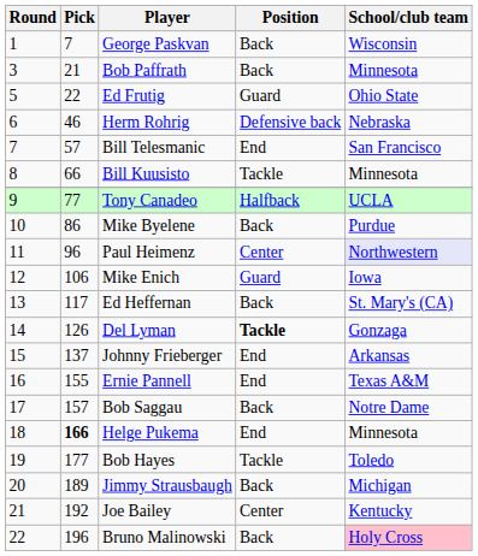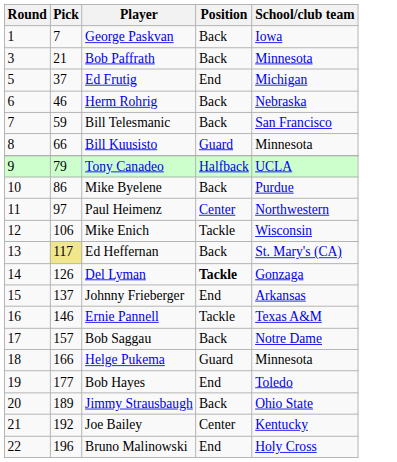 <table class="wikitable sortable sortable">
 <tr>
 <th>Round</th>
 <th>Pick</th>
 <th>Player</th>
 <th>Position</th>
 <th>School/club team</th>
 </tr>
 <tr>
 <td>1</td>
 <td>7</td>
 <td><a href='#'>George Paskvan</a></td>
 <td>Back</td>
-<td><a href='#'>Wisconsin</a></td>
+<td><a href='#'>Iowa</a></td>
 </tr>
 <tr>
 <td>3</td>
 <td>21</td>
 <td><a href='#'>Bob Paffrath</a></td>
 <td>Back</td>
 <td><a href='#'>Minnesota</a></td>
 </tr>
 <tr>
 <td>5</td>
-<td>22</td>
+<td>37</td>
 <td><a href='#'>Ed Frutig</a></td>
-<td>Guard</td>
-<td><a href='#'>Ohio State</a></td>
+<td>End</td>
+<td><a href='#'>Michigan</a></td>
 </tr>
 <tr>
 <td>6</td>
 <td>46</td>
 <td><a href='#'>Herm Rohrig</a></td>
-<td><a href='#'>Defensive back</a></td>
+<td>Back</td>
 <td><a href='#'>Nebraska</a></td>
 </tr>
 <tr>
 <td>7</td>
-<td>57</td>
+<td>59</td>
 <td>Bill Telesmanic</td>
-<td>End</td>
+<td>Back</td>
 <td><a href='#'>San Francisco</a></td>
 </tr>
 <tr>
 <td>8</td>
 <td>66</td>
 <td><a href='#'>Bill Kuusisto</a></td>
-<td>Tackle</td>
+<td><a href='#'>Guard</a></td>
 <td>Minnesota</td>
 </tr>
 <tr>
 </tr>
 <tr bgcolor="#CCFFCC">
 <td>9</td>
-<td>77</td>
+<td>79</td>
 <td><a href='#'>Tony Canadeo</a></td>
 <td><a href='#'>Halfback</a></td>
 <td><a href='#'>UCLA</a></td>
 </tr>
 <tr>
 <td>10</td>
 <td>86</td>
 <td>Mike Byelene</td>
 <td>Back</td>
 <td><a href='#'>Purdue</a></td>
 </tr>
 <tr>
 <td>11</td>
-<td>96</td>
+<td>97</td>
 <td>Paul Heimenz</td>
 <td><a href='#'>Center</a></td>
-<td style="background: lavender;"><a href='#'>Northwestern</a></td>
+<td><a href='#'>Northwestern</a></td>
 </tr>
 <tr>
 <td>12</td>
 <td>106</td>
 <td>Mike Enich</td>
-<td><a href='#'>Guard</a></td>
-<td><a href='#'>Iowa</a></td>
+<td>Tackle</td>
+<td><a href='#'>Wisconsin</a></td>
 </tr>
 <tr>
 <td>13</td>
-<td>117</td>
+<td style="background: khaki;">117</td>
 <td>Ed Heffernan</td>
 <td>Back</td>
 <td><a href='#'>St. Mary's (CA)</a></td>
 </tr>
 <tr>
 <td>14</td>
 <td>126</td>
 <td><a href='#'>Del Lyman</a></td>
 <td><strong>Tackle</strong></td>
 <td><a href='#'>Gonzaga</a></td>
 </tr>
 <tr>
 <td>15</td>
 <td>137</td>
 <td>Johnny Frieberger</td>
 <td>End</td>
 <td><a href='#'>Arkansas</a></td>
 </tr>
 <tr>
 <td>16</td>
-<td>155</td>
+<td>146</td>
 <td><a href='#'>Ernie Pannell</a></td>
-<td>End</td>
+<td>Tackle</td>
 <td><a href='#'>Texas A&M</a></td>
 </tr>
 <tr>
 <td>17</td>
 <td>157</td>
 <td>Bob Saggau</td>
 <td>Back</td>
 <td><a href='#'>Notre Dame</a></td>
 </tr>
 <tr>
 <td>18</td>
-<td><strong>166</strong></td>
+<td>166</td>
 <td><a href='#'>Helge Pukema</a></td>
-<td>End</td>
+<td>Guard</td>
 <td>Minnesota</td>
 </tr>
 <tr>
 <td>19</td>
 <td>177</td>
 <td>Bob Hayes</td>
-<td>Tackle</td>
+<td>End</td>
 <td><a href='#'>Toledo</a></td>
 </tr>
 <tr>
 <td>20</td>
 <td>189</td>
 <td><a href='#'>Jimmy Strausbaugh</a></td>
 <td>Back</td>
-<td><a href='#'>Michigan</a></td>
+<td><a href='#'>Ohio State</a></td>
 </tr>
 <tr>
 <td>21</td>
 <td>192</td>
 <td>Joe Bailey</td>
 <td>Center</td>
 <td><a href='#'>Kentucky</a></td>
 </tr>
 <tr>
 <td>22</td>
 <td>196</td>
 <td>Bruno Malinowski</td>
-<td>Back</td>
-<td style="background: pink;"><a href='#'>Holy Cross</a></td>
+<td>End</td>
+<td><a href='#'>Holy Cross</a></td>
 </tr>
 </table>
